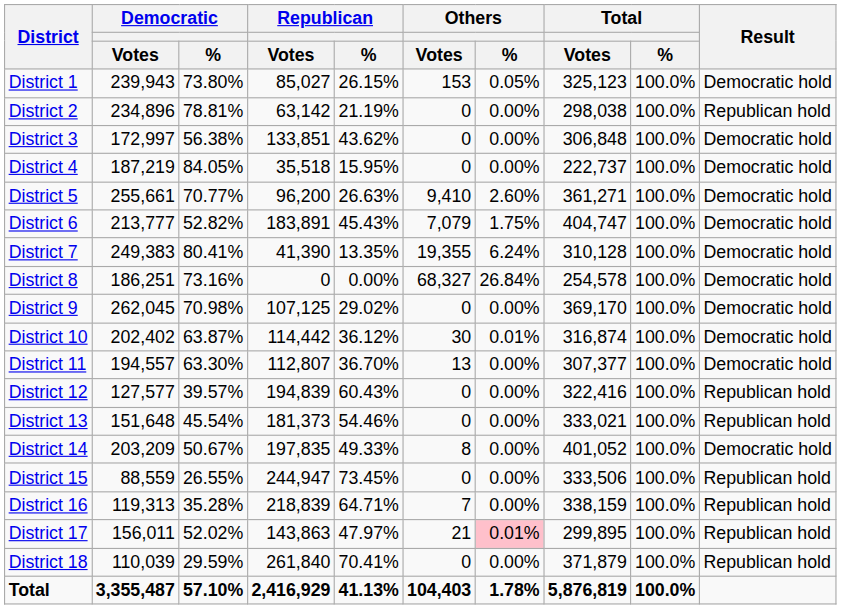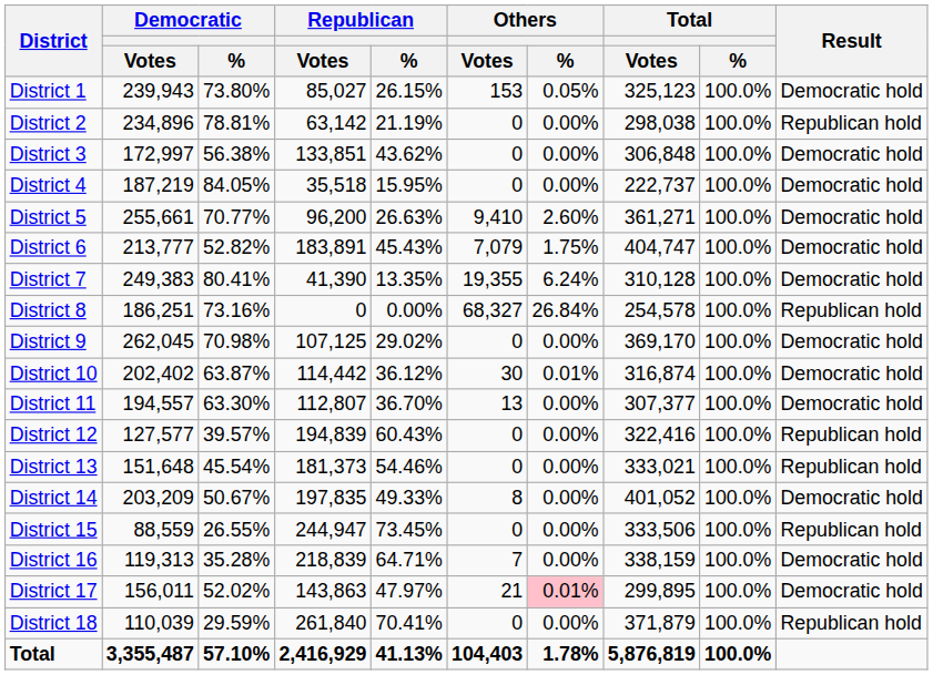 <table class="wikitable plainrowheaders sortable" style="font-size:100%; text-align:right;">
 <tr>
 <th scope=col rowspan=3><a href='#'>District</a></th>
 <th scope=col colspan=2><a href='#'>Democratic</a></th>
 <th scope=col colspan=2><a href='#'>Republican</a></th>
 <th scope=col colspan=2>Others</th>
 <th scope=col colspan=2>Total</th>
 <th scope=col rowspan=3>Result</th>
 </tr>
 <tr>
 <th scope=col colspan=2 style="background:"></th>
 <th scope=col colspan=2 style="background:"></th>
 <th scope=col colspan=2></th>
 <th scope=col colspan=2></th>
 </tr>
 <tr>
 <th scope=col data-sort-type="number">Votes</th>
 <th scope=col data-sort-type="number">%</th>
 <th scope=col data-sort-type="number">Votes</th>
 <th scope=col data-sort-type="number">%</th>
 <th scope=col data-sort-type="number">Votes</th>
 <th scope=col data-sort-type="number">%</th>
 <th scope=col data-sort-type="number">Votes</th>
 <th scope=col data-sort-type="number">%</th>
 </tr>
 <tr>
 <td align=left><a href='#'>District 1</a></td>
 <td>239,943</td>
 <td>73.80%</td>
 <td>85,027</td>
 <td>26.15%</td>
 <td>153</td>
 <td>0.05%</td>
 <td>325,123</td>
 <td>100.0%</td>
 <td align=left>Democratic hold</td>
 </tr>
 <tr>
 <td align=left><a href='#'>District 2</a></td>
 <td>234,896</td>
 <td>78.81%</td>
 <td>63,142</td>
 <td>21.19%</td>
 <td>0</td>
 <td>0.00%</td>
 <td>298,038</td>
 <td>100.0%</td>
 <td align=left>Republican hold</td>
 </tr>
 <tr>
 <td align=left><a href='#'>District 3</a></td>
 <td>172,997</td>
 <td>56.38%</td>
 <td>133,851</td>
 <td>43.62%</td>
 <td>0</td>
 <td>0.00%</td>
 <td>306,848</td>
 <td>100.0%</td>
 <td align=left>Democratic hold</td>
 </tr>
 <tr>
 <td align=left><a href='#'>District 4</a></td>
 <td>187,219</td>
 <td>84.05%</td>
 <td>35,518</td>
 <td>15.95%</td>
 <td>0</td>
 <td>0.00%</td>
 <td>222,737</td>
 <td>100.0%</td>
 <td align=left>Democratic hold</td>
 </tr>
 <tr>
 <td align=left><a href='#'>District 5</a></td>
 <td>255,661</td>
 <td>70.77%</td>
 <td>96,200</td>
 <td>26.63%</td>
 <td>9,410</td>
 <td>2.60%</td>
 <td>361,271</td>
 <td>100.0%</td>
 <td align=left>Democratic hold</td>
 </tr>
 <tr>
 <td align=left><a href='#'>District 6</a></td>
 <td>213,777</td>
 <td>52.82%</td>
 <td>183,891</td>
 <td>45.43%</td>
 <td>7,079</td>
 <td>1.75%</td>
 <td>404,747</td>
 <td>100.0%</td>
 <td align=left>Democratic hold</td>
 </tr>
 <tr>
 <td align=left><a href='#'>District 7</a></td>
 <td>249,383</td>
 <td>80.41%</td>
 <td>41,390</td>
 <td>13.35%</td>
 <td>19,355</td>
 <td>6.24%</td>
 <td>310,128</td>
 <td>100.0%</td>
 <td align=left>Democratic hold</td>
 </tr>
 <tr>
 <td align=left><a href='#'>District 8</a></td>
 <td>186,251</td>
 <td>73.16%</td>
 <td>0</td>
 <td>0.00%</td>
 <td>68,327</td>
 <td>26.84%</td>
 <td>254,578</td>
 <td>100.0%</td>
-<td align=left>Democratic hold</td>
+<td align=left>Republican hold</td>
 </tr>
 <tr>
 <td align=left><a href='#'>District 9</a></td>
 <td>262,045</td>
 <td>70.98%</td>
 <td>107,125</td>
 <td>29.02%</td>
 <td>0</td>
 <td>0.00%</td>
 <td>369,170</td>
 <td>100.0%</td>
 <td align=left>Democratic hold</td>
 </tr>
 <tr>
 <td align=left><a href='#'>District 10</a></td>
 <td>202,402</td>
 <td>63.87%</td>
 <td>114,442</td>
 <td>36.12%</td>
 <td>30</td>
 <td>0.01%</td>
 <td>316,874</td>
 <td>100.0%</td>
 <td align=left>Democratic hold</td>
 </tr>
 <tr>
 <td align=left><a href='#'>District 11</a></td>
 <td>194,557</td>
 <td>63.30%</td>
 <td>112,807</td>
 <td>36.70%</td>
 <td>13</td>
 <td>0.00%</td>
 <td>307,377</td>
 <td>100.0%</td>
 <td align=left>Democratic hold</td>
 </tr>
 <tr>
 <td align=left><a href='#'>District 12</a></td>
 <td>127,577</td>
 <td>39.57%</td>
 <td>194,839</td>
 <td>60.43%</td>
 <td>0</td>
 <td>0.00%</td>
 <td>322,416</td>
 <td>100.0%</td>
 <td align=left>Republican hold</td>
 </tr>
 <tr>
 <td align=left><a href='#'>District 13</a></td>
 <td>151,648</td>
 <td>45.54%</td>
 <td>181,373</td>
 <td>54.46%</td>
 <td>0</td>
 <td>0.00%</td>
 <td>333,021</td>
 <td>100.0%</td>
 <td align=left>Republican hold</td>
 </tr>
 <tr>
 <td align=left><a href='#'>District 14</a></td>
 <td>203,209</td>
 <td>50.67%</td>
 <td>197,835</td>
 <td>49.33%</td>
 <td>8</td>
 <td>0.00%</td>
 <td>401,052</td>
 <td>100.0%</td>
 <td align=left>Democratic hold</td>
 </tr>
 <tr>
 <td align=left><a href='#'>District 15</a></td>
 <td>88,559</td>
 <td>26.55%</td>
 <td>244,947</td>
 <td>73.45%</td>
 <td>0</td>
 <td>0.00%</td>
 <td>333,506</td>
 <td>100.0%</td>
 <td align=left>Republican hold</td>
 </tr>
 <tr>
 <td align=left><a href='#'>District 16</a></td>
 <td>119,313</td>
 <td>35.28%</td>
 <td>218,839</td>
 <td>64.71%</td>
 <td>7</td>
 <td>0.00%</td>
 <td>338,159</td>
 <td>100.0%</td>
-<td align=left>Republican hold</td>
+<td align=left>Democratic hold</td>
 </tr>
 <tr>
 <td align=left><a href='#'>District 17</a></td>
 <td>156,011</td>
 <td>52.02%</td>
 <td>143,863</td>
 <td>47.97%</td>
 <td>21</td>
 <td style="background: pink;">0.01%</td>
 <td>299,895</td>
 <td>100.0%</td>
-<td align=left>Republican hold</td>
+<td align=left>Democratic hold</td>
 </tr>
 <tr>
 <td align=left><a href='#'>District 18</a></td>
 <td>110,039</td>
 <td>29.59%</td>
 <td>261,840</td>
 <td>70.41%</td>
 <td>0</td>
 <td>0.00%</td>
 <td>371,879</td>
 <td>100.0%</td>
 <td align=left>Republican hold</td>
 </tr>
 <tr class="sortbottom" style="font-weight:bold">
 <td align=left>Total</td>
 <td>3,355,487</td>
 <td>57.10%</td>
 <td>2,416,929</td>
 <td>41.13%</td>
 <td>104,403</td>
 <td>1.78%</td>
 <td>5,876,819</td>
 <td>100.0%</td>
 <td></td>
 </tr>
 </table>
